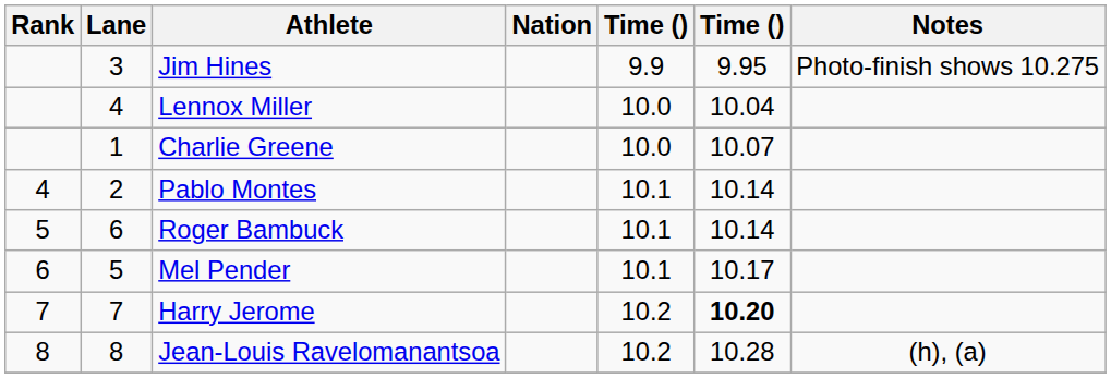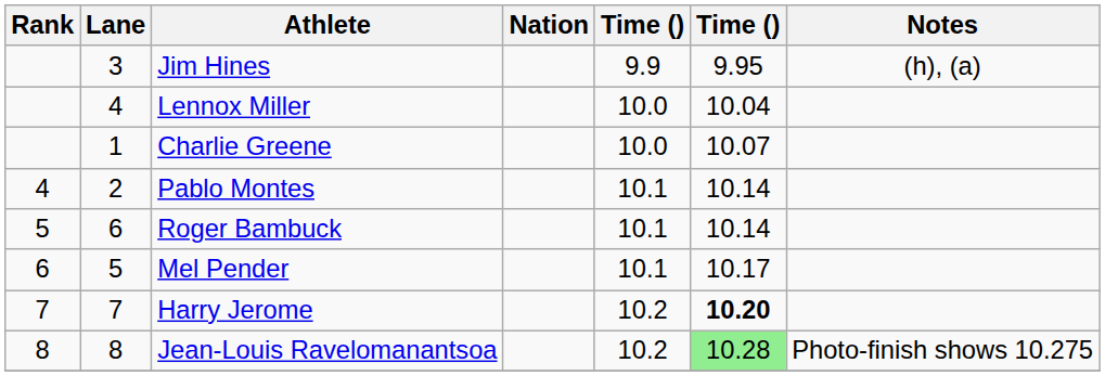 <table class="wikitable sortable" style="text-align:center">
 <tr>
 <th>Rank</th>
 <th>Lane</th>
 <th>Athlete</th>
 <th>Nation</th>
 <th>Time ()</th>
 <th>Time ()</th>
 <th>Notes</th>
 </tr>
 <tr>
 <td></td>
 <td>3</td>
 <td align=left><a href='#'>Jim Hines</a></td>
 <td align=left></td>
 <td>9.9</td>
 <td>9.95</td>
-<td>Photo-finish shows 10.275</td>
+<td> (h),  (a)</td>
 </tr>
 <tr>
 <td></td>
 <td>4</td>
 <td align=left><a href='#'>Lennox Miller</a></td>
 <td align=left></td>
 <td>10.0</td>
 <td>10.04</td>
 <td></td>
 </tr>
 <tr>
 <td></td>
 <td>1</td>
 <td align=left><a href='#'>Charlie Greene</a></td>
 <td align=left></td>
 <td>10.0</td>
 <td>10.07</td>
 <td></td>
 </tr>
 <tr>
 <td>4</td>
 <td>2</td>
 <td align=left><a href='#'>Pablo Montes</a></td>
 <td align=left></td>
 <td>10.1</td>
 <td>10.14</td>
 <td></td>
 </tr>
 <tr>
 <td>5</td>
 <td>6</td>
 <td align=left><a href='#'>Roger Bambuck</a></td>
 <td align=left></td>
 <td>10.1</td>
 <td>10.14</td>
 <td></td>
 </tr>
 <tr>
 <td>6</td>
 <td>5</td>
 <td align=left><a href='#'>Mel Pender</a></td>
 <td align=left></td>
 <td>10.1</td>
 <td>10.17</td>
 <td></td>
 </tr>
 <tr>
 <td>7</td>
 <td>7</td>
 <td align=left><a href='#'>Harry Jerome</a></td>
 <td align=left></td>
 <td>10.2</td>
 <td><strong>10.20</strong></td>
 <td></td>
 </tr>
 <tr>
 <td>8</td>
 <td>8</td>
 <td align=left><a href='#'>Jean-Louis Ravelomanantsoa</a></td>
 <td align=left></td>
 <td>10.2</td>
-<td>10.28</td>
-<td> (h),  (a)</td>
+<td style="background: lightgreen;">10.28</td>
+<td>Photo-finish shows 10.275</td>
 </tr>
 <tr>
 </tr>
 </table>
